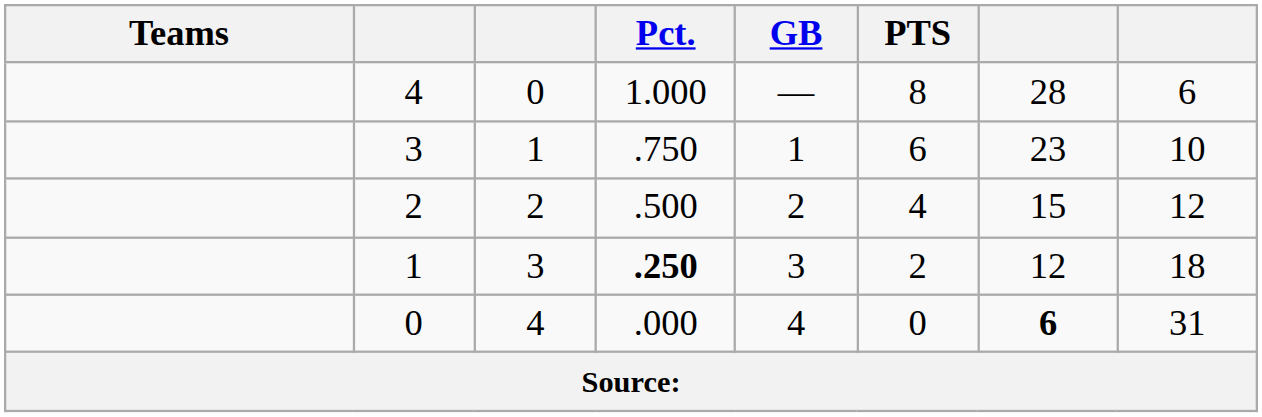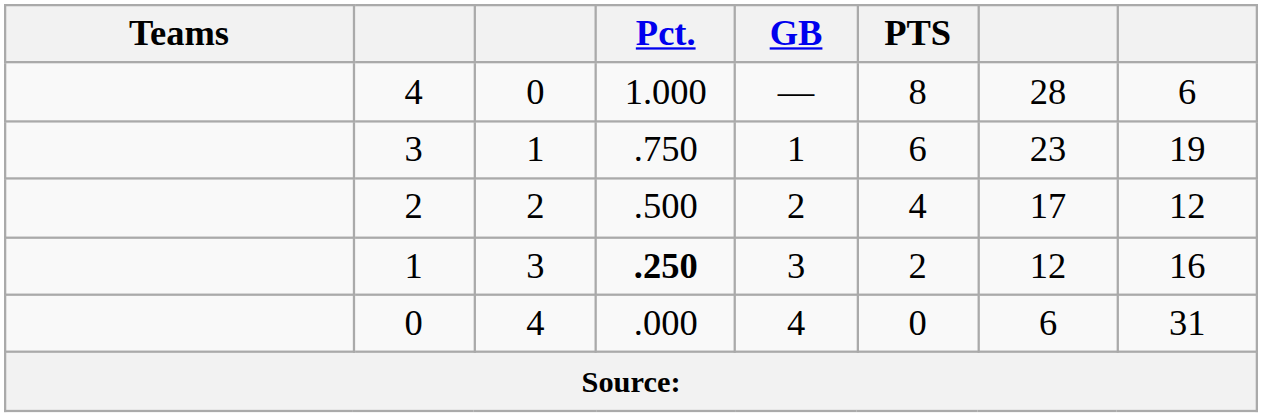 <table class="wikitable" width="550" style="text-align:center;">
 <tr>
 <th width="20%">Teams</th>
 <th width="7%"></th>
 <th width="7%"></th>
 <th width="8%"><a href='#'>Pct.</a></th>
 <th width="7%"><a href='#'>GB</a></th>
 <th width="7%">PTS</th>
 <th width="8%"></th>
 <th width="8%"></th>
 </tr>
 <tr>
 <td align=left></td>
 <td>4</td>
 <td>0</td>
 <td>1.000</td>
 <td>—</td>
 <td>8</td>
 <td>28</td>
 <td>6</td>
 </tr>
 <tr>
 <td align=left></td>
 <td>3</td>
 <td>1</td>
 <td>.750</td>
 <td>1</td>
 <td>6</td>
 <td>23</td>
-<td>10</td>
+<td>19</td>
 </tr>
 <tr>
 <td align=left></td>
 <td>2</td>
 <td>2</td>
 <td>.500</td>
 <td>2</td>
 <td>4</td>
-<td>15</td>
+<td>17</td>
 <td>12</td>
 </tr>
 <tr>
 <td align=left></td>
 <td>1</td>
 <td>3</td>
 <td><strong>.250</strong></td>
 <td>3</td>
 <td>2</td>
 <td>12</td>
-<td>18</td>
+<td>16</td>
 </tr>
 <tr>
 <td align=left></td>
 <td>0</td>
 <td>4</td>
 <td>.000</td>
 <td>4</td>
 <td>0</td>
-<td><strong>6</strong></td>
+<td>6</td>
 <td>31</td>
 </tr>
 <tr>
 <th colspan="8"><small>Source: </small></th>
 </tr>
 </table>
